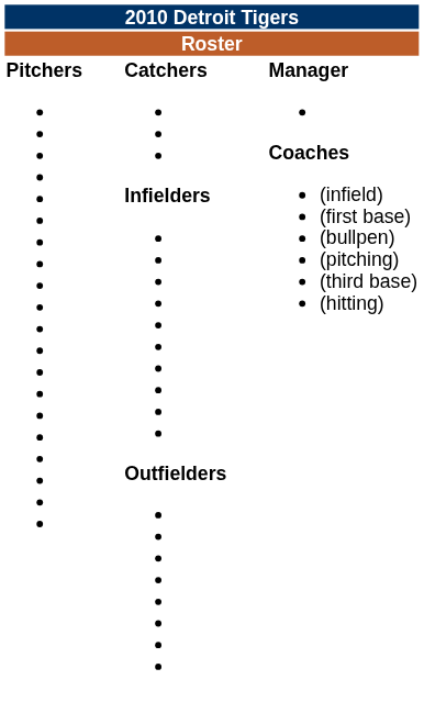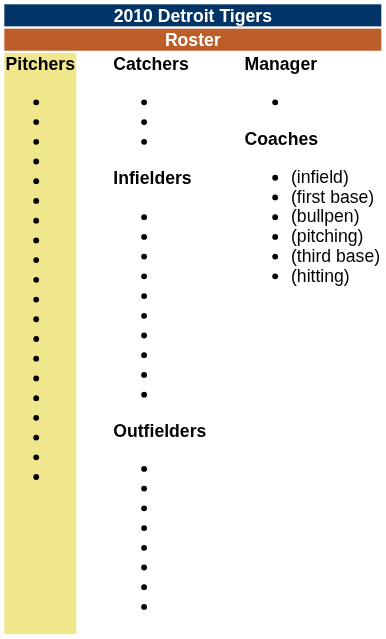 <table class="toccolours" style="font-size: 95%;">
 <tr>
 <th colspan="10" style="background-color: #003366; color: white; text-align: center;">2010 Detroit Tigers</th>
 </tr>
 <tr>
 <td colspan="10" style="background-color: #bd5d29; color: white; text-align: center;"><strong>Roster</strong></td>
 </tr>
 <tr>
-<td valign="top"><strong>Pitchers</strong><br><ul><li></li><li></li><li></li><li></li><li></li><li></li><li></li><li></li><li></li><li></li><li></li><li></li><li></li><li></li><li></li><li></li><li></li><li></li><li></li><li></li></ul></td>
+<td valign="top" style="background: khaki;"><strong>Pitchers</strong><br><ul><li></li><li></li><li></li><li></li><li></li><li></li><li></li><li></li><li></li><li></li><li></li><li></li><li></li><li></li><li></li><li></li><li></li><li></li><li></li><li></li></ul></td>
 <td width="25px"></td>
 <td valign="top"><strong>Catchers</strong><br><ul><li></li><li></li><li></li></ul><strong>Infielders</strong><ul><li></li><li></li><li></li><li></li><li></li><li></li><li></li><li></li><li></li><li></li></ul><strong>Outfielders</strong><ul><li></li><li></li><li></li><li></li><li></li><li></li><li></li><li></li></ul></td>
 <td width="25px"></td>
 <td valign="top"><strong>Manager</strong><br><ul><li></li></ul><strong>Coaches</strong><ul><li> (infield)</li><li> (first base)</li><li> (bullpen)</li><li> (pitching)</li><li> (third base)</li><li> (hitting)</li></ul></td>
 </tr>
 <tr>
 </tr>
 </table>
